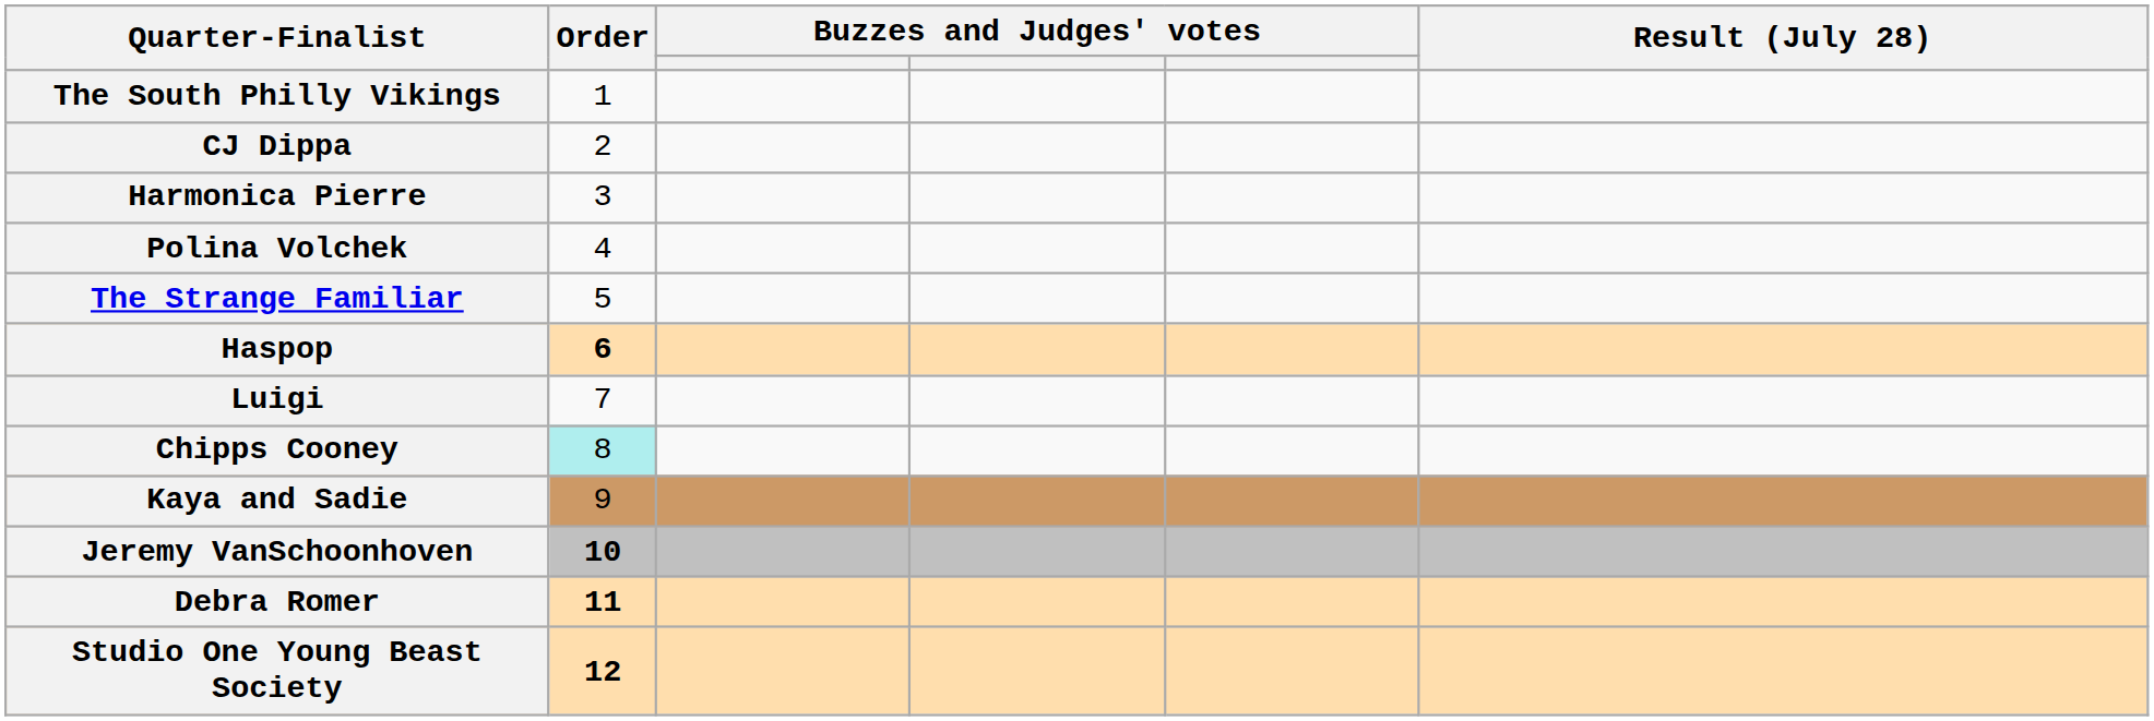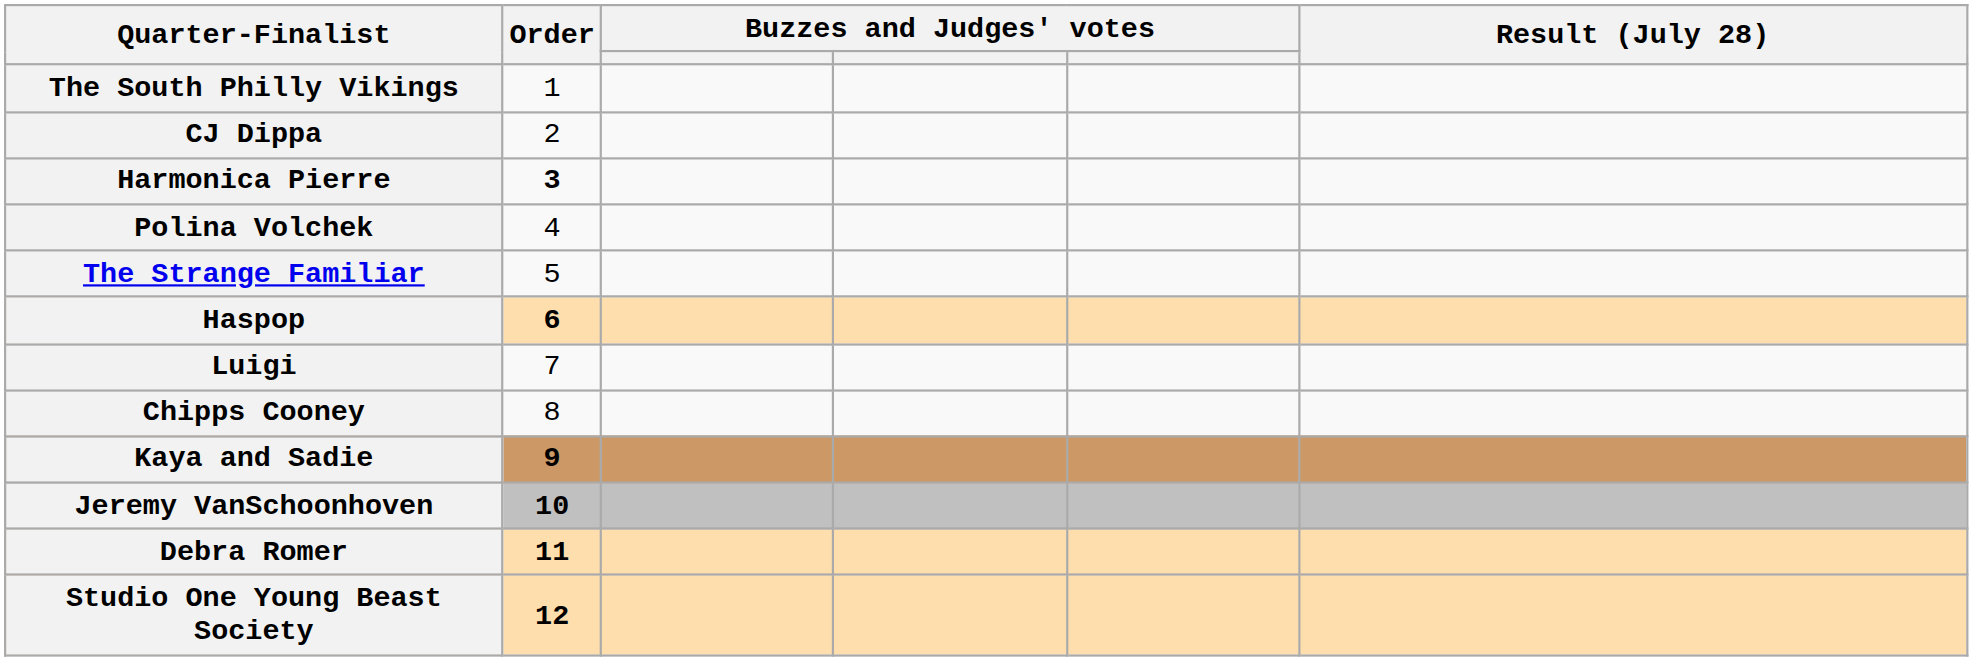 <table class="wikitable plainrowheaders sortable" style="text-align:center;">
 <tr>
 <th scope="col" rowspan="2" class="unsortable" style="width:17em;">Quarter-Finalist</th>
 <th scope="col" rowspan="2" style="width:1em;">Order</th>
 <th scope="col" colspan="3" class="unsortable" style="width:24em;">Buzzes and Judges' votes</th>
 <th scope="col" rowspan="2" style="width:23em;">Result (July 28)</th>
 </tr>
 <tr>
 <th scope="col" class="unsortable" style="width:6em;"></th>
 <th scope="col" class="unsortable" style="width:6em;"></th>
 <th scope="col" class="unsortable" style="width:6em;"></th>
 </tr>
 <tr>
 <th scope="row">The South Philly Vikings</th>
 <td>1</td>
 <td style="text-align:center;"></td>
 <td style="text-align:center;"></td>
 <td style="text-align:center;"></td>
 <td></td>
 </tr>
 <tr>
 <th scope="row">CJ Dippa</th>
 <td>2</td>
 <td style="text-align:center;"></td>
 <td style="text-align:center;"></td>
 <td style="text-align:center;"></td>
 <td></td>
 </tr>
 <tr>
 <th scope="row">Harmonica Pierre</th>
-<td>3</td>
+<td><strong>3</strong></td>
 <td style="text-align:center;"></td>
 <td style="text-align:center;"></td>
 <td style="text-align:center;"></td>
 <td></td>
 </tr>
 <tr>
 <th scope="row">Polina Volchek</th>
 <td>4</td>
 <td style="text-align:center;"></td>
 <td style="text-align:center;"></td>
 <td style="text-align:center;"></td>
 <td></td>
 </tr>
 <tr>
 <th scope="row"><a href='#'>The Strange Familiar</a></th>
 <td>5</td>
 <td style="text-align:center;"></td>
 <td style="text-align:center;"></td>
 <td style="text-align:center;"></td>
 <td></td>
 </tr>
 <tr style="background:NavajoWhite;">
 <th scope="row"><strong>Haspop</strong></th>
 <td><strong>6</strong></td>
 <td style="text-align:center;"></td>
 <td style="text-align:center;"></td>
 <td style="text-align:center;"></td>
 <td><strong></strong></td>
 </tr>
 <tr>
 <th scope="row">Luigi</th>
 <td>7</td>
 <td style="text-align:center;"></td>
 <td style="text-align:center;"></td>
 <td style="text-align:center;"></td>
 <td></td>
 </tr>
 <tr>
 <th scope="row">Chipps Cooney</th>
-<td style="background: paleturquoise;">8</td>
+<td>8</td>
 <td style="text-align:center;"></td>
 <td style="text-align:center;"></td>
 <td style="text-align:center;"></td>
 <td></td>
 </tr>
 <tr style="background:#c96;">
 <th scope="row">Kaya and Sadie</th>
-<td>9</td>
+<td><strong>9</strong></td>
 <td style="text-align:center;"></td>
 <td style="text-align:center;"></td>
 <td style="text-align:center;"></td>
 <td></td>
 </tr>
 <tr style="background:silver;">
 <th scope="row"><strong>Jeremy VanSchoonhoven</strong></th>
 <td><strong>10</strong></td>
 <td style="text-align:center;"></td>
 <td style="text-align: center;"></td>
 <td style="text-align: center;"></td>
 <td><strong></strong></td>
 </tr>
 <tr style="background:NavajoWhite;">
 <th scope="row"><strong>Debra Romer</strong></th>
 <td><strong>11</strong></td>
 <td style="text-align:center;"></td>
 <td style="text-align:center;"></td>
 <td style="text-align:center;"></td>
 <td><strong></strong></td>
 </tr>
 <tr style="background:NavajoWhite;">
 <th scope="row"><strong>Studio One Young Beast Society</strong></th>
 <td><strong>12</strong></td>
 <td style="text-align:center;"></td>
 <td style="text-align:center;"></td>
 <td style="text-align:center;"></td>
 <td><strong></strong></td>
 </tr>
 </table>
